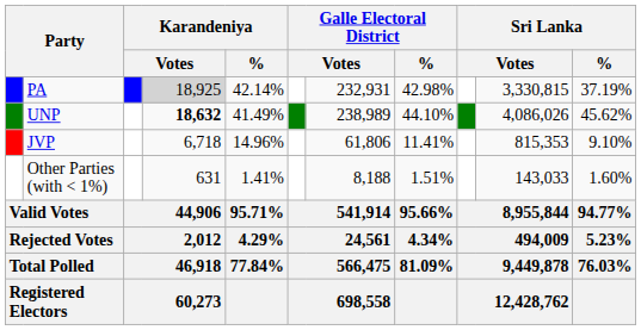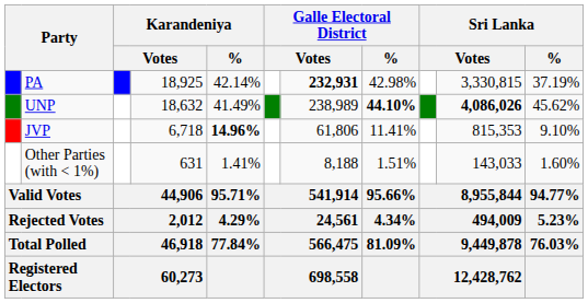 <table class="wikitable">
 <tr>
 <th colspan="2" width="144px"rowspan="2">Party</th>
 <th colspan="3" width="216px">Karandeniya</th>
 <th colspan="3" width="216px"><a href='#'>Galle Electoral District</a></th>
 <th colspan="3" width="216px">Sri Lanka</th>
 </tr>
 <tr>
 <th colspan="2" width="144px">Votes</th>
 <th>%</th>
 <th colspan="2" width="144px">Votes</th>
 <th>%</th>
 <th colspan="2" width="144px">Votes</th>
 <th>%</th>
 </tr>
 <tr>
 <td style="background-color:blue;" width="10px"></td>
 <td style="text-align:left;"><a href='#'>PA</a></td>
 <td style="background-color:blue;" width="10px"></td>
-<td style="background: lightgrey; text-align:right;">18,925</td>
+<td style="text-align:right;">18,925</td>
 <td style="text-align:right;">42.14%</td>
 <td style="background-color:white;" width="10px"></td>
-<td style="text-align:right;">232,931</td>
+<td style="text-align:right;"><strong>232,931</strong></td>
 <td style="text-align:right;">42.98%</td>
 <td style="background-color:white;" width="10px"></td>
 <td style="text-align:right;">3,330,815</td>
 <td style="text-align:right;">37.19%</td>
 </tr>
 <tr>
 <td style="background-color:green;" width="10px"></td>
 <td style="text-align:left;"><a href='#'>UNP</a></td>
 <td style="background-color:white;" width="10px"></td>
-<td style="text-align:right;"><strong>18,632</strong></td>
+<td style="text-align:right;">18,632</td>
 <td style="text-align:right;">41.49%</td>
 <td style="background-color:green;" width="10px"></td>
 <td style="text-align:right;">238,989</td>
-<td style="text-align:right;">44.10%</td>
+<td style="text-align:right;"><strong>44.10%</strong></td>
 <td style="background-color:green;" width="10px"></td>
-<td style="text-align:right;">4,086,026</td>
+<td style="text-align:right;"><strong>4,086,026</strong></td>
 <td style="text-align:right;">45.62%</td>
 </tr>
 <tr>
 <td style="background-color:red;" width="10px"></td>
 <td style="text-align:left;"><a href='#'>JVP</a></td>
 <td style="background-color:white;" width="10px"></td>
 <td style="text-align:right;">6,718</td>
-<td style="text-align:right;">14.96%</td>
+<td style="text-align:right;"><strong>14.96%</strong></td>
 <td style="background-color:white;" width="10px"></td>
 <td style="text-align:right;">61,806</td>
 <td style="text-align:right;">11.41%</td>
 <td style="background-color:white;" width="10px"></td>
 <td style="text-align:right;">815,353</td>
 <td style="text-align:right;">9.10%</td>
 </tr>
 <tr>
 <td style="background-color:white;" width="10px"></td>
 <td style="text-align:left;">Other Parties (with < 1%)</td>
 <td style="background-color:white;" width="10px"></td>
 <td style="text-align:right;">631</td>
 <td style="text-align:right;">1.41%</td>
 <td style="background-color:white;" width="10px"></td>
 <td style="text-align:right;">8,188</td>
 <td style="text-align:right;">1.51%</td>
 <td style="background-color:white;" width="10px"></td>
 <td style="text-align:right;">143,033</td>
 <td style="text-align:right;">1.60%</td>
 </tr>
 <tr>
 <th colspan="2" width="144px"style="text-align:left;">Valid Votes</th>
 <th style="text-align:right;"colspan="2" width="144px">44,906</th>
 <th style="text-align:right;">95.71%</th>
 <th style="text-align:right;"colspan="2" width="144px">541,914</th>
 <th style="text-align:right;">95.66%</th>
 <th style="text-align:right;"colspan="2" width="144px">8,955,844</th>
 <th style="text-align:right;">94.77%</th>
 </tr>
 <tr>
 <th colspan="2" width="144px"style="text-align:left;">Rejected Votes</th>
 <th style="text-align:right;"colspan="2" width="144px">2,012</th>
 <th style="text-align:right;">4.29%</th>
 <th style="text-align:right;"colspan="2" width="144px">24,561</th>
 <th style="text-align:right;">4.34%</th>
 <th style="text-align:right;"colspan="2" width="144px">494,009</th>
 <th style="text-align:right;">5.23%</th>
 </tr>
 <tr>
 <th colspan="2" width="144px"style="text-align:left;">Total Polled</th>
 <th style="text-align:right;"colspan="2" width="144px">46,918</th>
 <th style="text-align:right;">77.84%</th>
 <th style="text-align:right;"colspan="2" width="144px">566,475</th>
 <th style="text-align:right;">81.09%</th>
 <th style="text-align:right;"colspan="2" width="144px">9,449,878</th>
 <th style="text-align:right;">76.03%</th>
 </tr>
 <tr>
 <th colspan="2" width="144px"style="text-align:left;">Registered Electors</th>
 <th style="text-align:right;"colspan="2" width="144px">60,273</th>
 <th></th>
 <th style="text-align:right;"colspan="2" width="144px">698,558</th>
 <th></th>
 <th style="text-align:right;"colspan="2" width="144px">12,428,762</th>
 <th></th>
 </tr>
 </table>
